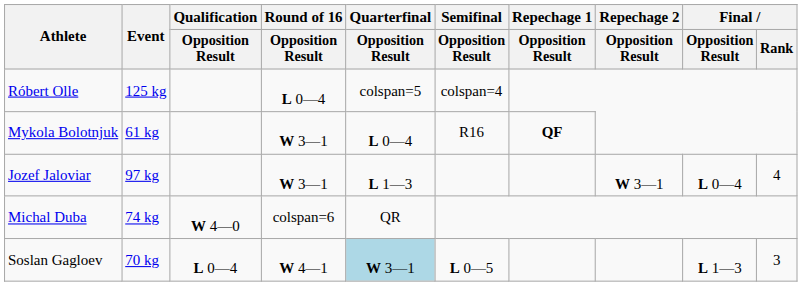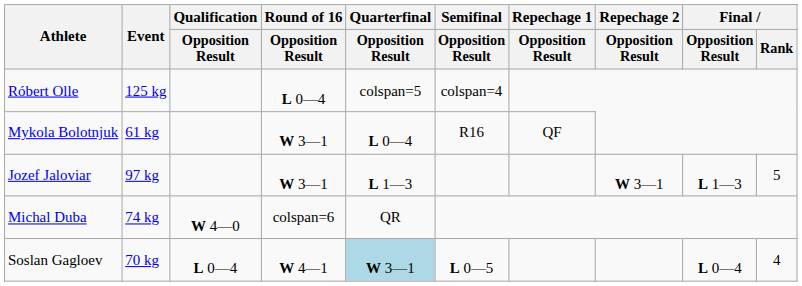 <table class="wikitable" style="font-size:90%">
 <tr>
 <th rowspan="2">Athlete</th>
 <th rowspan="2">Event</th>
 <th>Qualification</th>
 <th>Round of 16</th>
 <th>Quarterfinal</th>
 <th>Semifinal</th>
 <th>Repechage 1</th>
 <th>Repechage 2</th>
 <th colspan=2>Final / </th>
 </tr>
 <tr style="font-size: 95%">
 <th>Opposition<br>Result</th>
 <th>Opposition<br>Result</th>
 <th>Opposition<br>Result</th>
 <th>Opposition<br>Result</th>
 <th>Opposition<br>Result</th>
 <th>Opposition<br>Result</th>
 <th>Opposition<br>Result</th>
 <th>Rank</th>
 </tr>
 <tr align=center>
 <td align=left><a href='#'>Róbert Olle</a></td>
 <td align=left><a href='#'>125 kg</a></td>
 <td></td>
 <td> <br> <strong>L</strong> 0—4</td>
 <td>colspan=5 </td>
 <td>colspan=4 </td>
 </tr>
 <tr align=center>
 <td align=left><a href='#'>Mykola Bolotnjuk</a></td>
 <td align=left><a href='#'>61 kg</a></td>
 <td></td>
 <td> <br> <strong>W</strong> 3—1</td>
 <td> <br> <strong>L</strong> 0—4</td>
 <td>R16</td>
-<td><strong>QF</strong></td>
+<td>QF</td>
 </tr>
 <tr align=center>
 <td align=left><a href='#'>Jozef Jaloviar</a></td>
 <td align=left><a href='#'>97 kg</a></td>
 <td></td>
 <td> <br> <strong>W</strong> 3—1</td>
 <td> <br> <strong>L</strong> 1—3</td>
 <td></td>
 <td></td>
 <td> <br> <strong>W</strong> 3—1</td>
-<td> <br> <strong>L</strong> 0—4</td>
-<td>4</td>
+<td> <br> <strong>L</strong> 1—3</td>
+<td>5</td>
 </tr>
 <tr align=center>
 <td align=left><a href='#'>Michal Duba</a></td>
 <td align=left><a href='#'>74 kg</a></td>
 <td> <br> <strong>W</strong> 4—0</td>
 <td>colspan=6 </td>
 <td>QR</td>
 </tr>
 <tr align=center>
 <td align=left>Soslan Gagloev</td>
 <td align=left><a href='#'>70 kg</a></td>
 <td> <br> <strong>L</strong> 0—4</td>
 <td> <br> <strong>W</strong> 4—1</td>
 <td style="background: lightblue;"> <br> <strong>W</strong> 3—1</td>
 <td> <br> <strong>L</strong> 0—5</td>
 <td></td>
 <td></td>
-<td> <br> <strong>L</strong> 1—3</td>
-<td>3</td>
+<td> <br> <strong>L</strong> 0—4</td>
+<td>4</td>
 </tr>
 </table>
